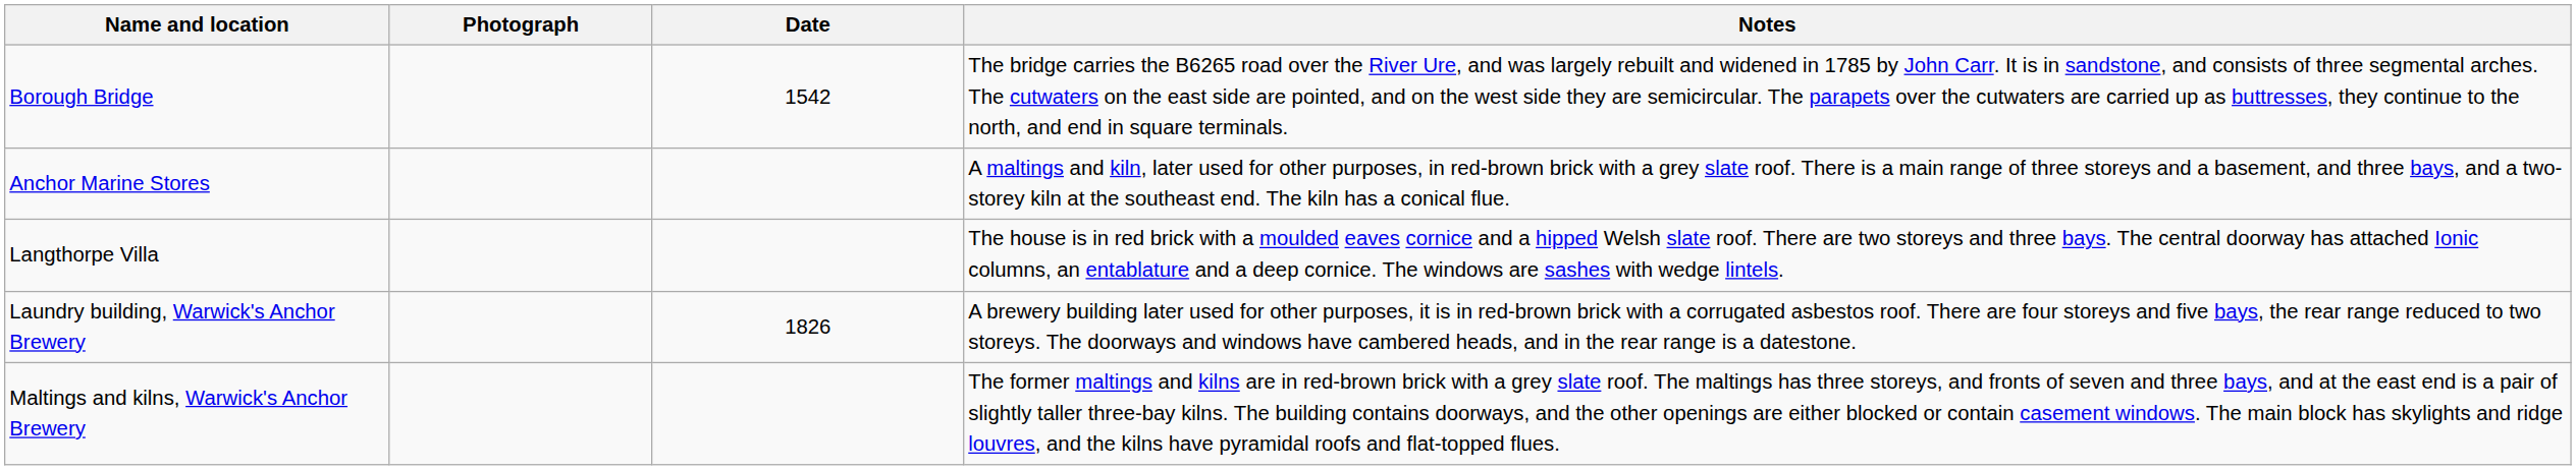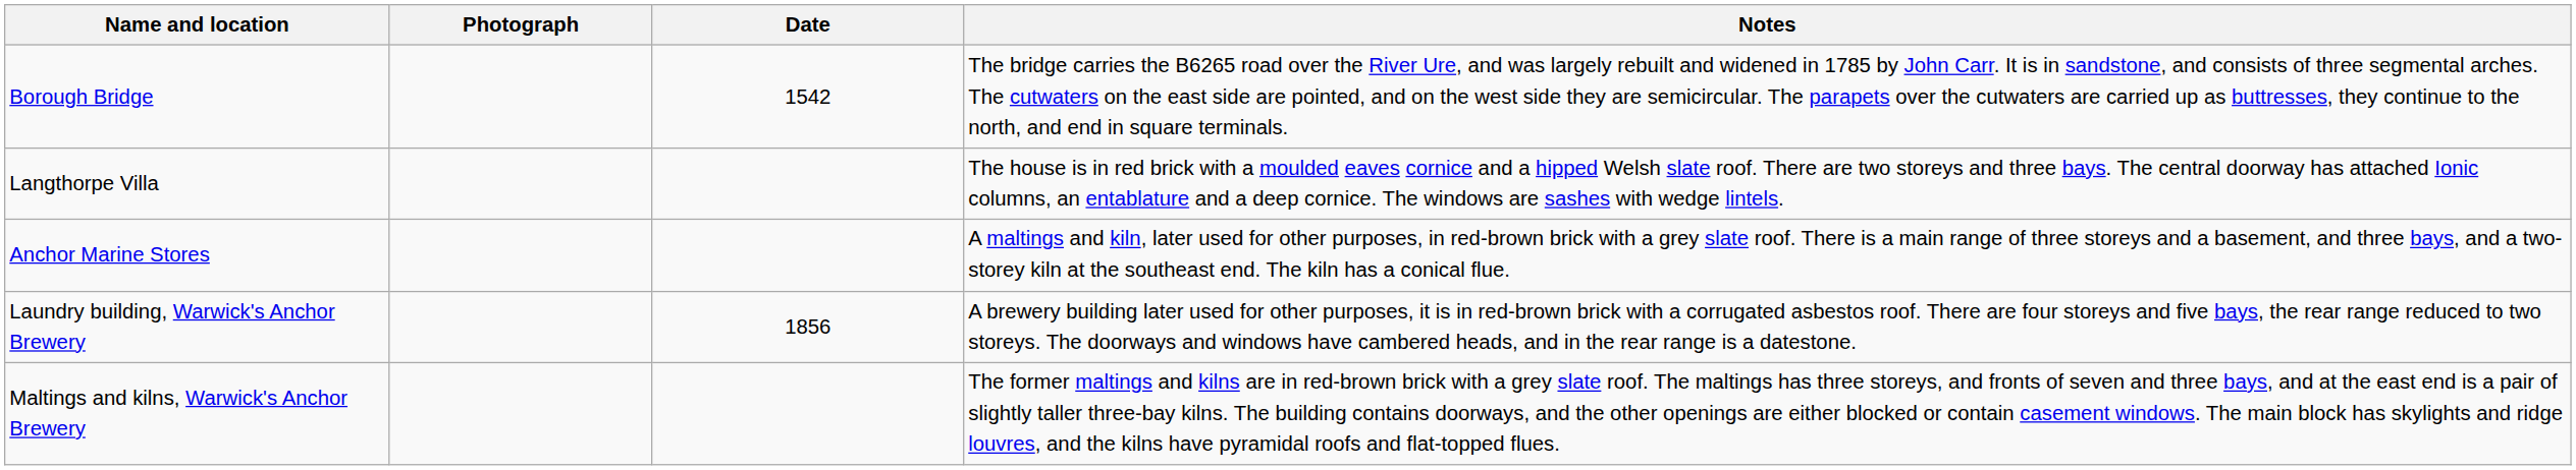 <table class="wikitable sortable plainrowheaders" style="width:100%;border:0px;text-align:left;line-height:150%;">
 <tr>
 <th scope="col"  style="width:150px">Name and location</th>
 <th scope="col"  style="width:100px" class="unsortable">Photograph</th>
 <th scope="col"  style="width:120px">Date</th>
 <th scope="col"  style="width:650px" class="unsortable">Notes</th>
 </tr>
 <tr>
 <td><a href='#'>Borough Bridge</a><br><small></small></td>
 <td></td>
 <td align="center">1542</td>
 <td>The bridge carries the B6265 road over the <a href='#'>River Ure</a>, and was largely rebuilt and widened in 1785 by <a href='#'>John Carr</a>. It is in <a href='#'>sandstone</a>, and consists of three segmental arches. The <a href='#'>cutwaters</a> on the east side are pointed, and on the west side they are semicircular. The <a href='#'>parapets</a> over the cutwaters are carried up as <a href='#'>buttresses</a>, they continue to the north, and end in square terminals.</td>
 </tr>
 <tr>
+<td>Langthorpe Villa<br><small></small></td>
+<td></td>
+<td align="center"></td>
+<td>The house is in red brick with a <a href='#'>moulded</a> <a href='#'>eaves</a> <a href='#'>cornice</a> and a <a href='#'>hipped</a> Welsh <a href='#'>slate</a> roof. There are two storeys and three <a href='#'>bays</a>. The central doorway has attached <a href='#'>Ionic</a> columns, an <a href='#'>entablature</a> and a deep cornice. The windows are <a href='#'>sashes</a> with wedge <a href='#'>lintels</a>.</td>
+</tr>
+<tr>
 <td><a href='#'>Anchor Marine Stores</a><br><small></small></td>
 <td></td>
 <td align="center"></td>
 <td>A <a href='#'>maltings</a> and <a href='#'>kiln</a>, later used for other purposes, in red-brown brick with a grey <a href='#'>slate</a> roof. There is a main range of  three storeys and a basement, and three <a href='#'>bays</a>, and a two-storey kiln at the southeast end. The kiln has a conical flue.</td>
 </tr>
 <tr>
-<td>Langthorpe Villa<br><small></small></td>
-<td></td>
-<td align="center"></td>
-<td>The house is in red brick with a <a href='#'>moulded</a> <a href='#'>eaves</a> <a href='#'>cornice</a> and a <a href='#'>hipped</a> Welsh <a href='#'>slate</a> roof. There are two storeys and three <a href='#'>bays</a>. The central doorway has attached <a href='#'>Ionic</a> columns, an <a href='#'>entablature</a> and a deep cornice. The windows are <a href='#'>sashes</a> with wedge <a href='#'>lintels</a>.</td>
-</tr>
-<tr>
 <td>Laundry building, <a href='#'>Warwick's Anchor Brewery</a><br><small></small></td>
 <td></td>
-<td align="center">1826</td>
+<td align="center">1856</td>
 <td>A brewery building later used for other purposes, it is in red-brown brick with a corrugated asbestos roof. There are four storeys and five <a href='#'>bays</a>, the rear range reduced to two storeys. The doorways and windows have cambered heads, and in the rear range is a datestone.</td>
 </tr>
 <tr>
 <td>Maltings and kilns, <a href='#'>Warwick's Anchor Brewery</a><br><small></small></td>
 <td></td>
 <td align="center"></td>
 <td>The former <a href='#'>maltings</a> and <a href='#'>kilns</a> are in red-brown brick with a grey <a href='#'>slate</a> roof. The maltings has three storeys, and fronts of seven and three <a href='#'>bays</a>, and at the east end is a pair of slightly taller three-bay kilns. The building contains doorways, and the other openings are either blocked or contain <a href='#'>casement windows</a>. The main block has skylights and ridge <a href='#'>louvres</a>, and the kilns have pyramidal roofs and flat-topped flues.</td>
 </tr>
 <tr>
 </tr>
 </table>
